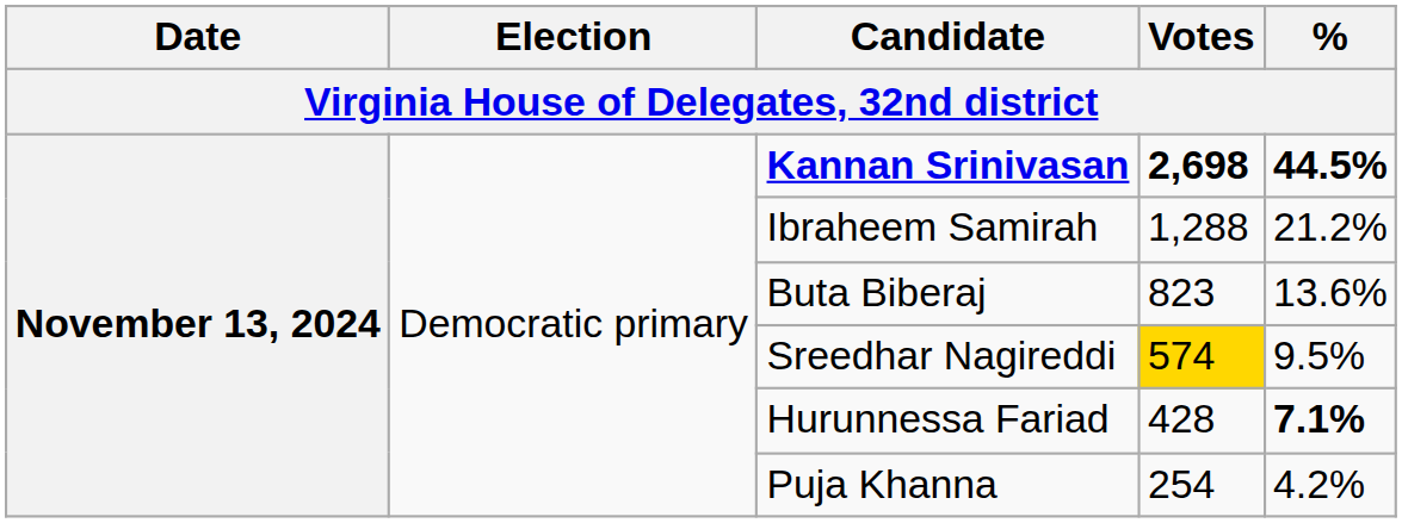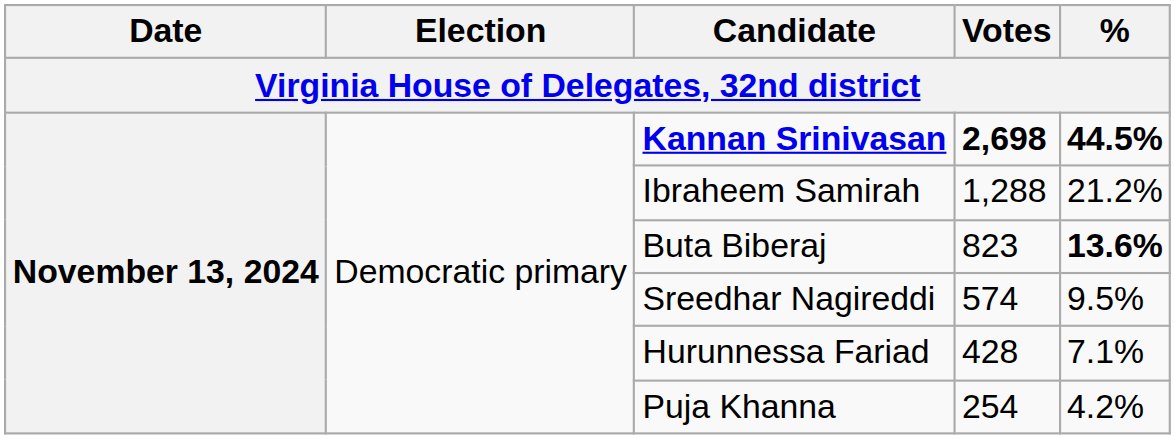 <table class="wikitable">
 <tr>
 <th>Date</th>
 <th>Election</th>
 <th>Candidate</th>
 <th>Votes</th>
 <th>%</th>
 </tr>
 <tr>
 <th colspan="5"><a href='#'>Virginia House of Delegates, 32nd district</a></th>
 </tr>
 <tr>
 <th rowspan="6">November 13, 2024</th>
 <td rowspan="6" align="center" >Democratic primary</td>
 <td><strong><a href='#'>Kannan Srinivasan</a></strong></td>
 <td><strong>2,698</strong></td>
 <td><strong>44.5%</strong></td>
 </tr>
 <tr>
 <td>Ibraheem Samirah</td>
 <td>1,288</td>
 <td>21.2%</td>
 </tr>
 <tr>
 <td>Buta Biberaj</td>
 <td>823</td>
-<td>13.6%</td>
+<td><strong>13.6%</strong></td>
 </tr>
 <tr>
 <td>Sreedhar Nagireddi</td>
-<td style="background: gold;">574</td>
+<td>574</td>
 <td>9.5%</td>
 </tr>
 <tr>
 <td>Hurunnessa Fariad</td>
 <td>428</td>
-<td><strong>7.1%</strong></td>
+<td>7.1%</td>
 </tr>
 <tr>
 <td>Puja Khanna</td>
 <td>254</td>
 <td>4.2%</td>
 </tr>
 </table>
